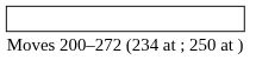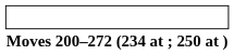 <table style="display:inline; display:inline-table;">
 <tr>
 <td style="border: solid thin; padding: 2px;"><br></td>
 </tr>
 <tr>
-<td style="text-align:center">Moves 200–272 (234 at ; 250 at )</td>
+<td style="text-align:center"><strong>Moves 200–272 (234 at ; 250 at )</strong></td>
 </tr>
 </table>
